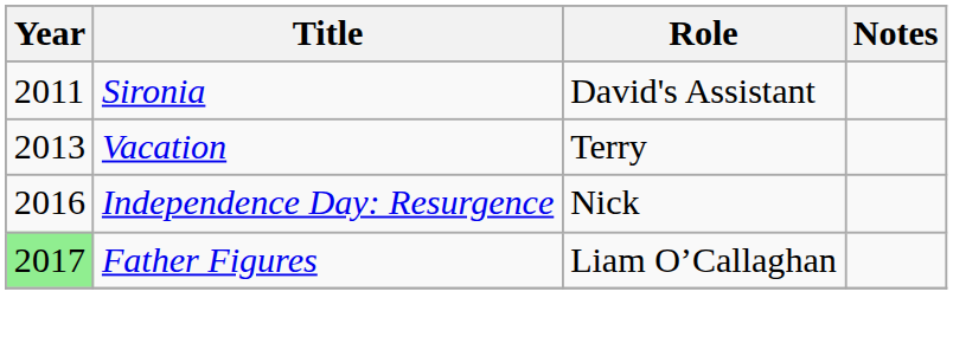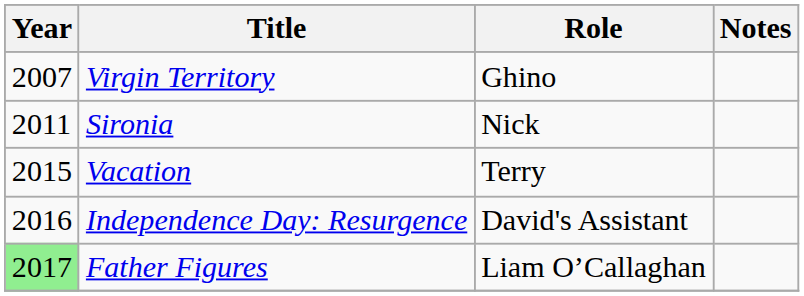 <table class="wikitable">
 <tr>
 <th>Year</th>
 <th>Title</th>
 <th>Role</th>
 <th class="unsortable">Notes</th>
 </tr>
 <tr>
-<td>2011</td>
-<td><em><a href='#'>Sironia</a></em></td>
-<td>David's Assistant</td>
+<td>2007</td>
+<td><em><a href='#'>Virgin Territory</a></em></td>
+<td>Ghino</td>
 <td></td>
 </tr>
 <tr>
-<td>2013</td>
+<td>2011</td>
+<td><em><a href='#'>Sironia</a></em></td>
+<td>Nick</td>
+<td></td>
+</tr>
+<tr>
+<td>2015</td>
 <td><em><a href='#'>Vacation</a></em></td>
 <td>Terry</td>
 <td></td>
 </tr>
 <tr>
 <td>2016</td>
 <td><em><a href='#'>Independence Day: Resurgence</a></em></td>
-<td>Nick</td>
+<td>David's Assistant</td>
 <td></td>
 </tr>
 <tr>
 <td style="background: lightgreen;">2017</td>
 <td><em><a href='#'>Father Figures</a></em></td>
 <td>Liam O’Callaghan</td>
 <td></td>
 </tr>
 <tr>
 </tr>
 </table>
